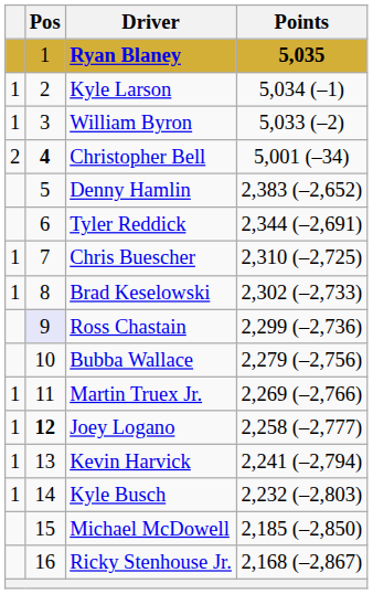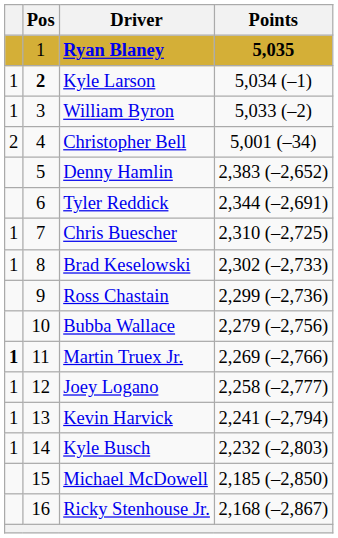 <table class="wikitable" style="font-size: 95%;">
 <tr>
 <th></th>
 <th>Pos</th>
 <th>Driver</th>
 <th>Points</th>
 </tr>
 <tr style="background:#D4AF37;">
 <td align="left"></td>
 <td style="text-align:center;">1</td>
 <td><strong><a href='#'>Ryan Blaney</a></strong></td>
 <td style="text-align:center;"><strong>5,035</strong></td>
 </tr>
 <tr>
 <td align="left"> 1</td>
-<td style="text-align:center;">2</td>
+<td style="text-align:center;"><strong>2</strong></td>
 <td><a href='#'>Kyle Larson</a></td>
 <td style="text-align:center;">5,034 (–1)</td>
 </tr>
 <tr>
 <td align="left"> 1</td>
 <td style="text-align:center;">3</td>
 <td><a href='#'>William Byron</a></td>
 <td style="text-align:center;">5,033 (–2)</td>
 </tr>
 <tr>
 <td align="left"> 2</td>
-<td style="text-align:center;"><strong>4</strong></td>
+<td style="text-align:center;">4</td>
 <td><a href='#'>Christopher Bell</a></td>
 <td style="text-align:center;">5,001 (–34)</td>
 </tr>
 <tr>
 <td align="left"></td>
 <td style="text-align:center;">5</td>
 <td><a href='#'>Denny Hamlin</a></td>
 <td style="text-align:center;">2,383 (–2,652)</td>
 </tr>
 <tr>
 <td align="left"></td>
 <td style="text-align:center;">6</td>
 <td><a href='#'>Tyler Reddick</a></td>
 <td style="text-align:center;">2,344 (–2,691)</td>
 </tr>
 <tr>
 <td align="left"> 1</td>
 <td style="text-align:center;">7</td>
 <td><a href='#'>Chris Buescher</a></td>
 <td style="text-align:center;">2,310 (–2,725)</td>
 </tr>
 <tr>
 <td align="left"> 1</td>
 <td style="text-align:center;">8</td>
 <td><a href='#'>Brad Keselowski</a></td>
 <td style="text-align:center;">2,302 (–2,733)</td>
 </tr>
 <tr>
 <td align="left"></td>
-<td style="background: lavender; text-align:center;">9</td>
+<td style="text-align:center;">9</td>
 <td><a href='#'>Ross Chastain</a></td>
 <td style="text-align:center;">2,299 (–2,736)</td>
 </tr>
 <tr>
 <td align="left"></td>
 <td style="text-align:center;">10</td>
 <td><a href='#'>Bubba Wallace</a></td>
 <td style="text-align:center;">2,279 (–2,756)</td>
 </tr>
 <tr>
-<td align="left"> 1</td>
+<td align="left"><strong> 1</strong></td>
 <td style="text-align:center;">11</td>
 <td><a href='#'>Martin Truex Jr.</a></td>
 <td style="text-align:center;">2,269 (–2,766)</td>
 </tr>
 <tr>
 <td align="left"> 1</td>
-<td style="text-align:center;"><strong>12</strong></td>
+<td style="text-align:center;">12</td>
 <td><a href='#'>Joey Logano</a></td>
 <td style="text-align:center;">2,258 (–2,777)</td>
 </tr>
 <tr>
 <td align="left"> 1</td>
 <td style="text-align:center;">13</td>
 <td><a href='#'>Kevin Harvick</a></td>
 <td style="text-align:center;">2,241 (–2,794)</td>
 </tr>
 <tr>
 <td align="left"> 1</td>
 <td style="text-align:center;">14</td>
 <td><a href='#'>Kyle Busch</a></td>
 <td style="text-align:center;">2,232 (–2,803)</td>
 </tr>
 <tr>
 <td align="left"></td>
 <td style="text-align:center;">15</td>
 <td><a href='#'>Michael McDowell</a></td>
 <td style="text-align:center;">2,185 (–2,850)</td>
 </tr>
 <tr>
 <td align="left"></td>
 <td style="text-align:center;">16</td>
 <td><a href='#'>Ricky Stenhouse Jr.</a></td>
 <td style="text-align:center;">2,168 (–2,867)</td>
 </tr>
 <tr class="sortbottom">
 <th colspan="9"></th>
 </tr>
 </table>
